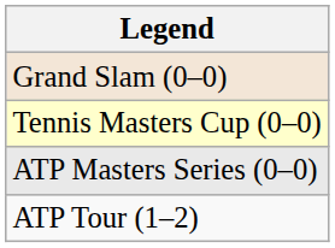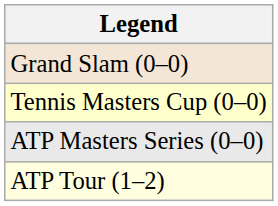 <table class="wikitable sortable mw-collapsible mw-collapsed">
 <tr>
 <th>Legend</th>
 </tr>
 <tr style="background:#f3e6d7;">
 <td>Grand Slam (0–0)</td>
 </tr>
 <tr style="background:#ffffcc;">
 <td>Tennis Masters Cup (0–0)</td>
 </tr>
 <tr style="background:#e9e9e9;">
 <td>ATP Masters Series (0–0)</td>
 </tr>
 <tr>
-<td>ATP Tour (1–2)</td>
+<td style="background: lightyellow;">ATP Tour (1–2)</td>
 </tr>
 </table>
